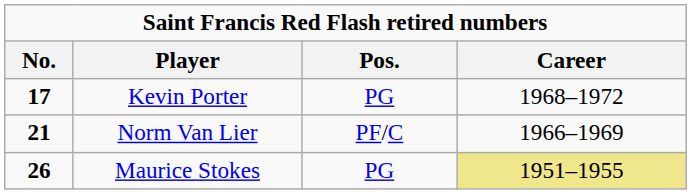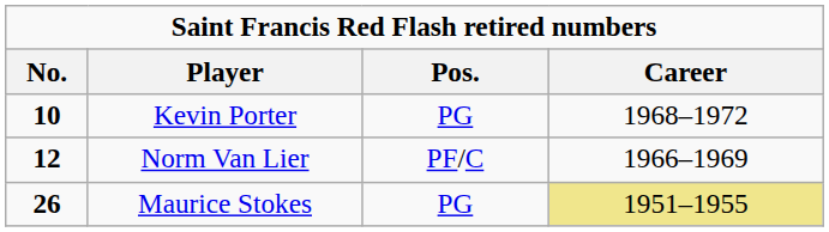 <table class="wikitable sortable" style="text-align:center">
 <tr>
 <td colspan="5"><strong>Saint Francis Red Flash retired numbers</strong></td>
 </tr>
 <tr>
 <th width=40px>No.</th>
 <th width=150px>Player</th>
 <th width=100px>Pos.</th>
 <th width=150px>Career</th>
 </tr>
 <tr>
-<td><strong>17</strong></td>
+<td><strong>10</strong></td>
 <td><a href='#'>Kevin Porter</a></td>
 <td><a href='#'>PG</a></td>
 <td>1968–1972</td>
 </tr>
 <tr>
-<td><strong>21</strong></td>
+<td><strong>12</strong></td>
 <td><a href='#'>Norm Van Lier</a></td>
 <td><a href='#'>PF</a>/<a href='#'>C</a></td>
 <td>1966–1969</td>
 </tr>
 <tr>
 <td><strong>26</strong></td>
 <td><a href='#'>Maurice Stokes</a></td>
 <td><a href='#'>PG</a></td>
 <td style="background: khaki;">1951–1955</td>
 </tr>
 </table>
